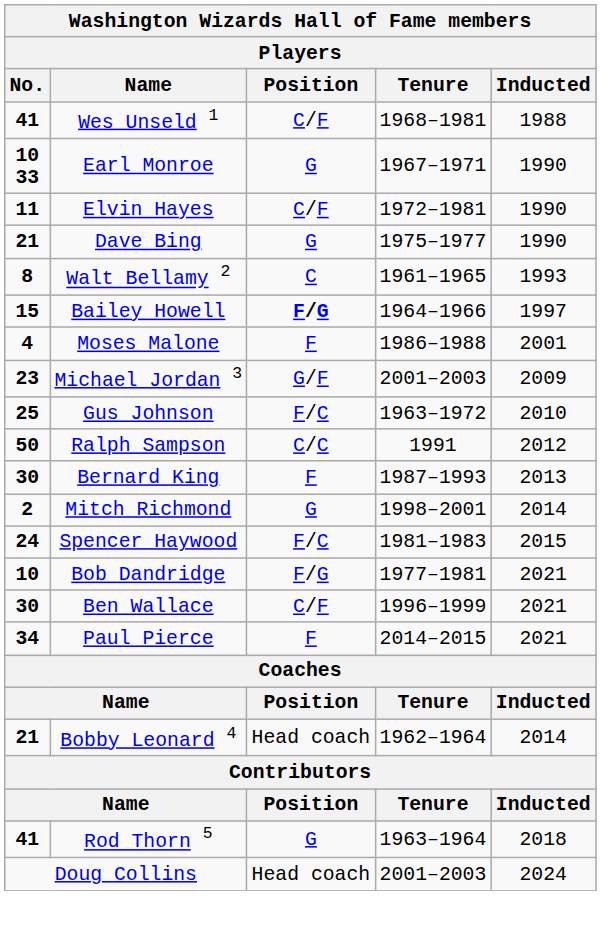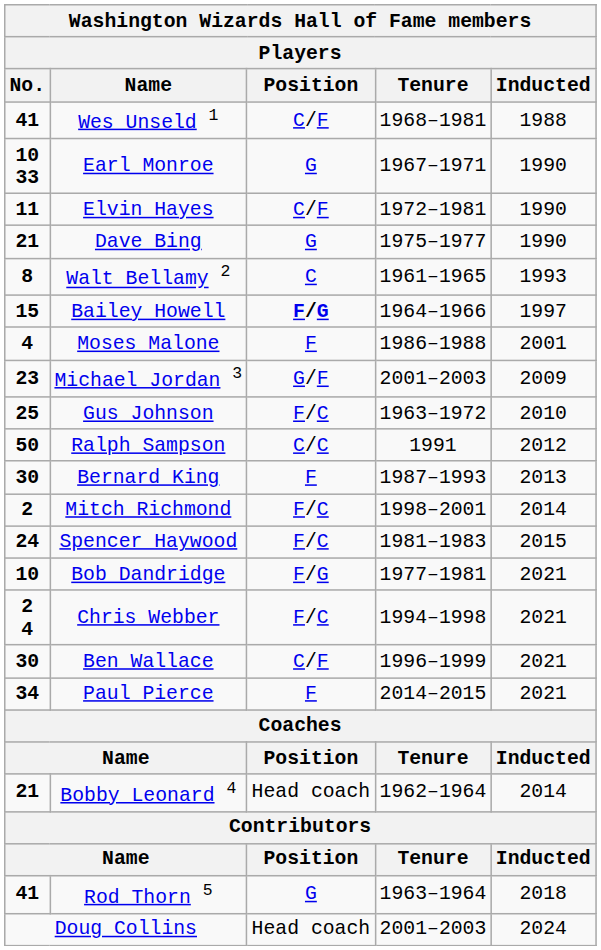 <table class="wikitable" style="text-align:center">
 <tr>
 <th colspan="5">Washington Wizards Hall of Fame members</th>
 </tr>
 <tr>
 <th colspan="5" style="text-align:center; ">Players</th>
 </tr>
 <tr>
 <th>No.</th>
 <th>Name</th>
 <th>Position</th>
 <th>Tenure</th>
 <th>Inducted</th>
 </tr>
 <tr>
 <td><strong>41</strong></td>
 <td><a href='#'>Wes Unseld</a> <sup>1</sup></td>
 <td><a href='#'>C</a>/<a href='#'>F</a></td>
 <td>1968–1981</td>
 <td>1988</td>
 </tr>
 <tr>
 <td><strong>10</strong><br><strong>33</strong></td>
 <td><a href='#'>Earl Monroe</a></td>
 <td><a href='#'>G</a></td>
 <td>1967–1971</td>
 <td>1990</td>
 </tr>
 <tr>
 <td><strong>11</strong></td>
 <td><a href='#'>Elvin Hayes</a></td>
 <td><a href='#'>C</a>/<a href='#'>F</a></td>
 <td>1972–1981</td>
 <td>1990</td>
 </tr>
 <tr>
 <td><strong>21</strong></td>
 <td><a href='#'>Dave Bing</a></td>
 <td><a href='#'>G</a></td>
 <td>1975–1977</td>
 <td>1990</td>
 </tr>
 <tr>
 <td><strong>8</strong></td>
 <td><a href='#'>Walt Bellamy</a> <sup>2</sup></td>
 <td><a href='#'>C</a></td>
 <td>1961–1965</td>
 <td>1993</td>
 </tr>
 <tr>
 <td><strong>15</strong></td>
 <td><a href='#'>Bailey Howell</a></td>
 <td><strong><a href='#'>F</a>/<a href='#'>G</a></strong></td>
 <td>1964–1966</td>
 <td>1997</td>
 </tr>
 <tr>
 <td><strong>4</strong></td>
 <td><a href='#'>Moses Malone</a></td>
 <td><a href='#'>F</a></td>
 <td>1986–1988</td>
 <td>2001</td>
 </tr>
 <tr>
 <td><strong>23</strong></td>
 <td><a href='#'>Michael Jordan</a> <sup>3</sup></td>
 <td><a href='#'>G</a>/<a href='#'>F</a></td>
 <td>2001–2003</td>
 <td>2009</td>
 </tr>
 <tr>
 <td><strong>25</strong></td>
 <td><a href='#'>Gus Johnson</a></td>
 <td><a href='#'>F</a>/<a href='#'>C</a></td>
 <td>1963–1972</td>
 <td>2010</td>
 </tr>
 <tr>
 <td><strong>50</strong></td>
 <td><a href='#'>Ralph Sampson</a></td>
 <td><a href='#'>C</a>/<a href='#'>C</a></td>
 <td>1991</td>
 <td>2012</td>
 </tr>
 <tr>
 <td><strong>30</strong></td>
 <td><a href='#'>Bernard King</a></td>
 <td><a href='#'>F</a></td>
 <td>1987–1993</td>
 <td>2013</td>
 </tr>
 <tr>
 <td><strong>2</strong></td>
 <td><a href='#'>Mitch Richmond</a></td>
-<td><a href='#'>G</a></td>
+<td><a href='#'>F</a>/<a href='#'>C</a></td>
 <td>1998–2001</td>
 <td>2014</td>
 </tr>
 <tr>
 <td><strong>24</strong></td>
 <td><a href='#'>Spencer Haywood</a></td>
 <td><a href='#'>F</a>/<a href='#'>C</a></td>
 <td>1981–1983</td>
 <td>2015</td>
 </tr>
 <tr>
 <td><strong>10</strong></td>
 <td><a href='#'>Bob Dandridge</a></td>
 <td><a href='#'>F</a>/<a href='#'>G</a></td>
 <td>1977–1981</td>
+<td>2021</td>
+</tr>
+<tr>
+<td><strong>2</strong><br><strong>4</strong></td>
+<td><a href='#'>Chris Webber</a></td>
+<td><a href='#'>F</a>/<a href='#'>C</a></td>
+<td>1994–1998</td>
 <td>2021</td>
 </tr>
 <tr>
 <td><strong>30</strong></td>
 <td><a href='#'>Ben Wallace</a></td>
 <td><a href='#'>C</a>/<a href='#'>F</a></td>
 <td>1996–1999</td>
 <td>2021</td>
 </tr>
 <tr>
 <td><strong>34</strong></td>
 <td><a href='#'>Paul Pierce</a></td>
 <td><a href='#'>F</a></td>
 <td>2014–2015</td>
 <td>2021</td>
 </tr>
 <tr>
 <th colspan="5" style="text-align:center; ">Coaches</th>
 </tr>
 <tr>
 <th colspan="2">Name</th>
 <th>Position</th>
 <th>Tenure</th>
 <th>Inducted</th>
 </tr>
 <tr>
 <td><strong>21</strong></td>
 <td><a href='#'>Bobby Leonard</a> <sup>4</sup></td>
 <td>Head coach</td>
 <td>1962–1964</td>
 <td>2014</td>
 </tr>
 <tr>
 <th colspan="5" style="text-align:center; ">Contributors</th>
 </tr>
 <tr>
 <th colspan="2">Name</th>
 <th>Position</th>
 <th>Tenure</th>
 <th>Inducted</th>
 </tr>
 <tr>
 <td><strong>41</strong></td>
 <td><a href='#'>Rod Thorn</a> <sup>5</sup></td>
 <td><a href='#'>G</a></td>
 <td>1963–1964</td>
 <td>2018</td>
 </tr>
 <tr>
 <td colspan="2"><a href='#'>Doug Collins</a></td>
 <td>Head coach</td>
 <td>2001–2003</td>
 <td>2024</td>
 </tr>
 </table>
